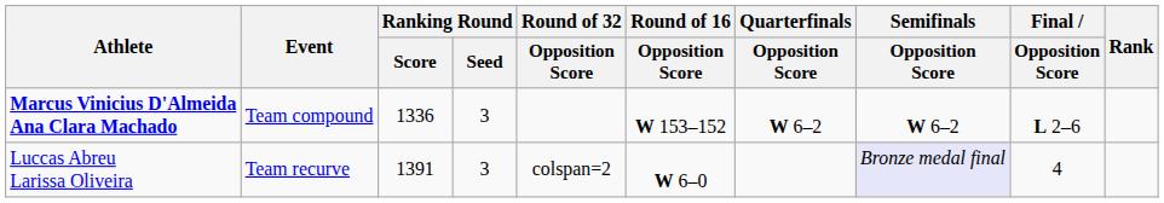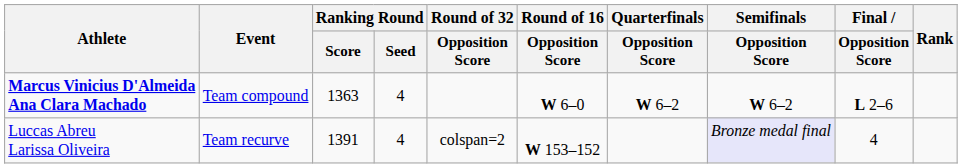 <table class="wikitable" style="font-size:90%">
 <tr>
 <th rowspan="2">Athlete</th>
 <th rowspan="2">Event</th>
 <th colspan="2">Ranking Round</th>
 <th>Round of 32</th>
 <th>Round of 16</th>
 <th>Quarterfinals</th>
 <th>Semifinals</th>
 <th>Final / </th>
 <th rowspan="2">Rank</th>
 </tr>
 <tr style="font-size:95%">
 <th>Score</th>
 <th>Seed</th>
 <th>Opposition<br>Score</th>
 <th>Opposition<br>Score</th>
 <th>Opposition<br>Score</th>
 <th>Opposition<br>Score</th>
 <th>Opposition<br>Score</th>
 </tr>
 <tr align=center>
 <td align=left><strong><a href='#'>Marcus Vinicius D'Almeida</a></strong><br><strong><a href='#'>Ana Clara Machado</a></strong></td>
 <td align=left><a href='#'>Team compound</a></td>
-<td>1336</td>
-<td>3</td>
+<td>1363</td>
+<td>4</td>
 <td></td>
-<td><br><strong>W</strong> 153–152</td>
+<td><br><strong>W</strong> 6–0</td>
 <td><br><strong>W</strong> 6–2</td>
 <td><br><strong>W</strong> 6–2</td>
 <td><br><strong>L</strong> 2–6</td>
 <td></td>
 </tr>
 <tr align=center>
 <td align=left><a href='#'>Luccas Abreu</a><br><a href='#'>Larissa Oliveira</a></td>
 <td align=left><a href='#'>Team recurve</a></td>
 <td>1391</td>
-<td>3</td>
+<td>4</td>
 <td>colspan=2 </td>
-<td><br><strong>W</strong> 6–0</td>
+<td><br><strong>W</strong> 153–152</td>
 <td><br></td>
 <td style="background: lavender;"><em>Bronze medal final</em><br><br></td>
 <td>4</td>
 </tr>
 </table>
